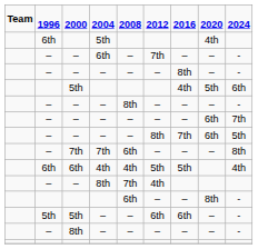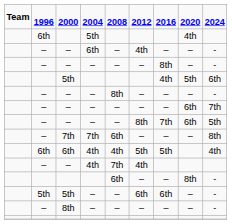 <table class="wikitable" style="text-align:center; font-size:90%">
 <tr bgcolor=>
 <td><strong>Team</strong></td>
 <td><strong><br><a href='#'>1996</a></strong></td>
 <td><strong><br><a href='#'>2000</a></strong></td>
 <td><strong><br><a href='#'>2004</a></strong></td>
 <td><strong><br><a href='#'>2008</a></strong></td>
 <td><strong><br><a href='#'>2012</a></strong></td>
 <td><strong><br><a href='#'>2016</a></strong></td>
 <td><strong><br><a href='#'>2020</a></strong></td>
 <td><strong><br><a href='#'>2024</a></strong></td>
 </tr>
 <tr>
 <td align=left></td>
 <td>6th</td>
 <td></td>
 <td>5th</td>
 <td></td>
 <td></td>
 <td></td>
 <td>4th</td>
 <td></td>
 </tr>
 <tr>
 <td align=left></td>
 <td>–</td>
 <td>–</td>
 <td>6th</td>
 <td>–</td>
-<td>7th</td>
+<td>4th</td>
 <td>–</td>
 <td>–</td>
 <td>-</td>
 </tr>
 <tr>
 <td align=left></td>
 <td>–</td>
 <td>–</td>
 <td>–</td>
 <td>–</td>
 <td>–</td>
 <td>8th</td>
 <td>–</td>
 <td>-</td>
 </tr>
 <tr>
 <td align=left></td>
 <td></td>
 <td>5th</td>
 <td></td>
 <td></td>
 <td></td>
 <td>4th</td>
 <td>5th</td>
 <td>6th</td>
 </tr>
 <tr>
 <td align=left></td>
 <td>–</td>
 <td>–</td>
 <td>–</td>
 <td>8th</td>
 <td>–</td>
 <td>–</td>
 <td>–</td>
 <td>-</td>
 </tr>
 <tr>
 <td align=left></td>
 <td>–</td>
 <td>–</td>
 <td>–</td>
 <td>–</td>
 <td>–</td>
 <td>–</td>
 <td>6th</td>
 <td>7th</td>
 </tr>
 <tr>
 <td align=left></td>
 <td>–</td>
 <td>–</td>
 <td>–</td>
 <td>–</td>
 <td>8th</td>
 <td>7th</td>
 <td>6th</td>
 <td>5th</td>
 </tr>
 <tr>
 <td align=left></td>
 <td>–</td>
 <td>7th</td>
 <td>7th</td>
 <td>6th</td>
 <td>–</td>
 <td>–</td>
 <td>–</td>
 <td>8th</td>
 </tr>
 <tr>
 <td align=left></td>
 <td>6th</td>
 <td>6th</td>
 <td>4th</td>
 <td>4th</td>
 <td>5th</td>
 <td>5th</td>
 <td></td>
 <td>4th</td>
 </tr>
 <tr>
 <td align=left></td>
 <td>–</td>
 <td>–</td>
-<td>8th</td>
+<td>4th</td>
 <td>7th</td>
 <td>4th</td>
 <td></td>
 <td></td>
 <td></td>
 </tr>
 <tr>
 <td align=left></td>
 <td></td>
 <td></td>
 <td></td>
 <td>6th</td>
 <td>–</td>
 <td>–</td>
 <td>8th</td>
 <td>-</td>
 </tr>
 <tr>
 <td align=left></td>
 <td>5th</td>
 <td>5th</td>
 <td>–</td>
 <td>–</td>
 <td>6th</td>
 <td>6th</td>
 <td>–</td>
 <td>-</td>
 </tr>
 <tr>
 <td align=left></td>
 <td>–</td>
 <td>8th</td>
 <td>–</td>
 <td>–</td>
 <td>–</td>
 <td>–</td>
 <td>–</td>
 <td>-</td>
 </tr>
 <tr>
 <td align=left></td>
 <td></td>
 <td></td>
 <td></td>
 <td></td>
 <td></td>
 <td></td>
 <td></td>
 <td></td>
 </tr>
 <tr>
 </tr>
 </table>
